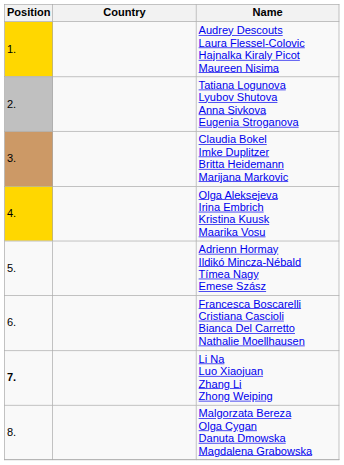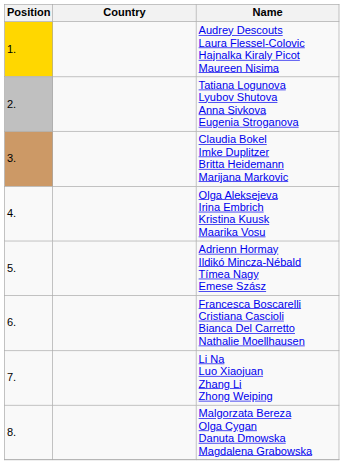 <table class="wikitable">
 <tr>
 <th width="10">Position</th>
 <th width="200">Country</th>
 <th width="200">Name</th>
 </tr>
 <tr>
 <td bgcolor="gold">1.</td>
 <td></td>
 <td><a href='#'>Audrey Descouts</a><br><a href='#'>Laura Flessel-Colovic</a><br><a href='#'>Hajnalka Kiraly Picot</a><br> <a href='#'>Maureen Nisima</a></td>
 </tr>
 <tr>
 <td bgcolor="silver">2.</td>
 <td></td>
 <td><a href='#'>Tatiana Logunova</a><br><a href='#'>Lyubov Shutova</a> <br><a href='#'>Anna Sivkova</a> <br><a href='#'>Eugenia Stroganova</a></td>
 </tr>
 <tr>
 <td bgcolor="#CC9966">3.</td>
 <td></td>
 <td><a href='#'>Claudia Bokel</a><br><a href='#'>Imke Duplitzer</a> <br><a href='#'>Britta Heidemann</a><br><a href='#'>Marijana Markovic</a></td>
 </tr>
 <tr>
-<td style="background: gold;">4.</td>
+<td>4.</td>
 <td></td>
 <td><a href='#'>Olga Aleksejeva</a><br> <a href='#'>Irina Embrich</a><br>  <a href='#'>Kristina Kuusk</a><br> <a href='#'>Maarika Vosu</a></td>
 </tr>
 <tr>
 <td>5.</td>
 <td></td>
 <td><a href='#'>Adrienn Hormay</a><br> <a href='#'>Ildikó Mincza-Nébald</a><br> <a href='#'>Tímea Nagy</a><br><a href='#'>Emese Szász</a></td>
 </tr>
 <tr>
 <td>6.</td>
 <td></td>
 <td><a href='#'>Francesca Boscarelli</a><br><a href='#'>Cristiana Cascioli</a><br><a href='#'>Bianca Del Carretto</a><br><a href='#'>Nathalie Moellhausen</a></td>
 </tr>
 <tr>
-<td><strong>7.</strong></td>
+<td>7.</td>
 <td></td>
 <td><a href='#'>Li Na</a><br><a href='#'>Luo Xiaojuan</a><br> <a href='#'>Zhang Li</a><br><a href='#'>Zhong Weiping</a></td>
 </tr>
 <tr>
 <td>8.</td>
 <td></td>
 <td><a href='#'>Malgorzata Bereza</a><br><a href='#'>Olga Cygan</a><br><a href='#'>Danuta Dmowska</a> <br><a href='#'>Magdalena Grabowska</a></td>
 </tr>
 <tr>
 </tr>
 </table>
